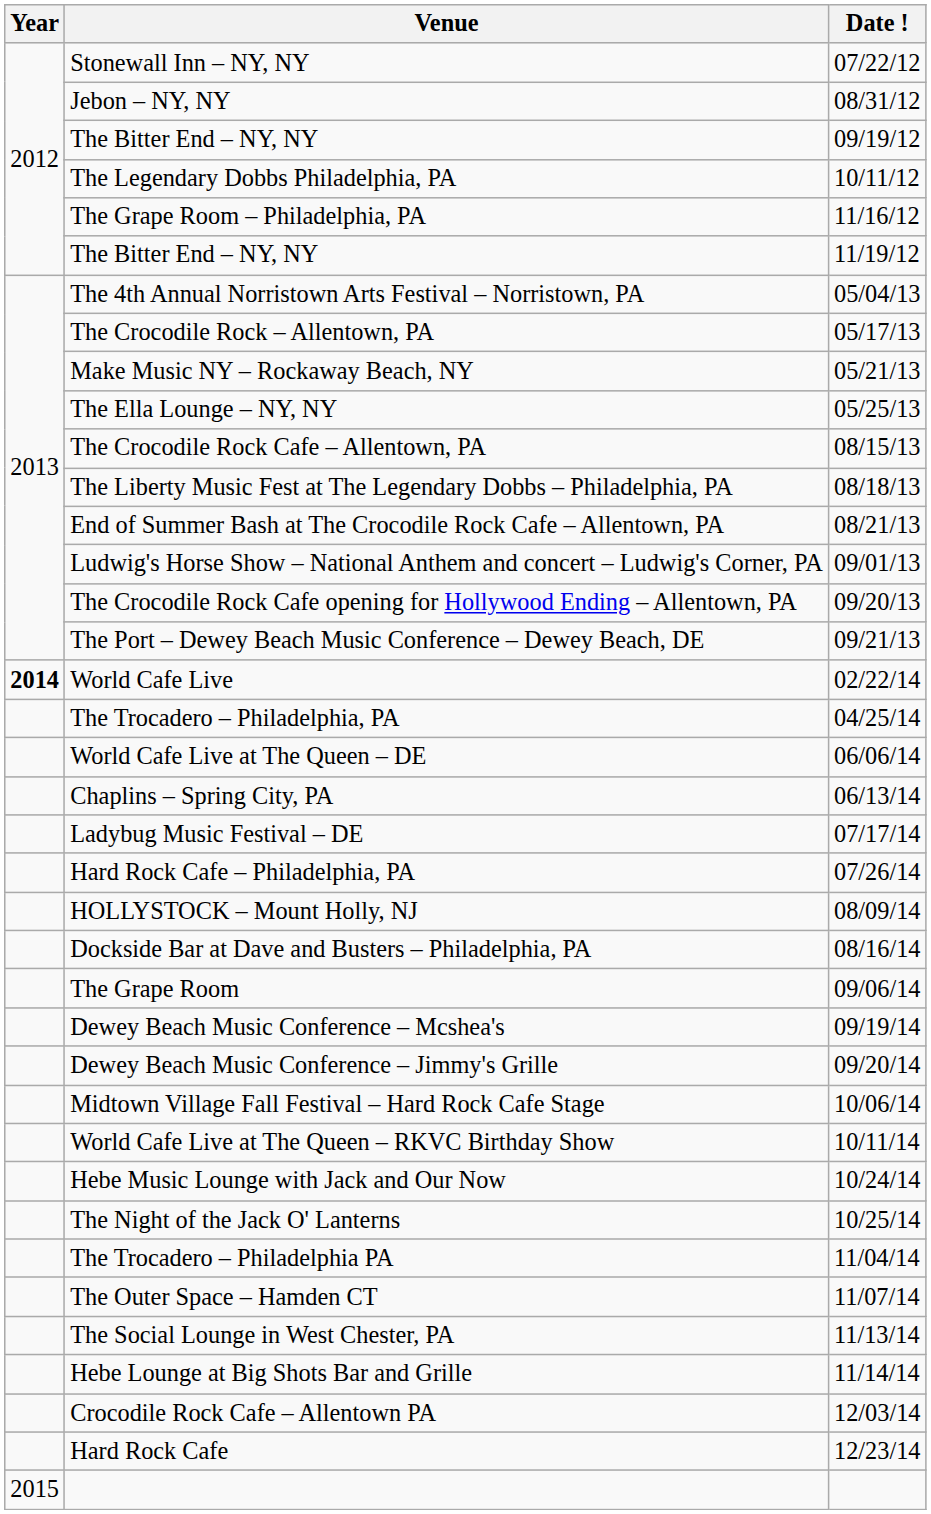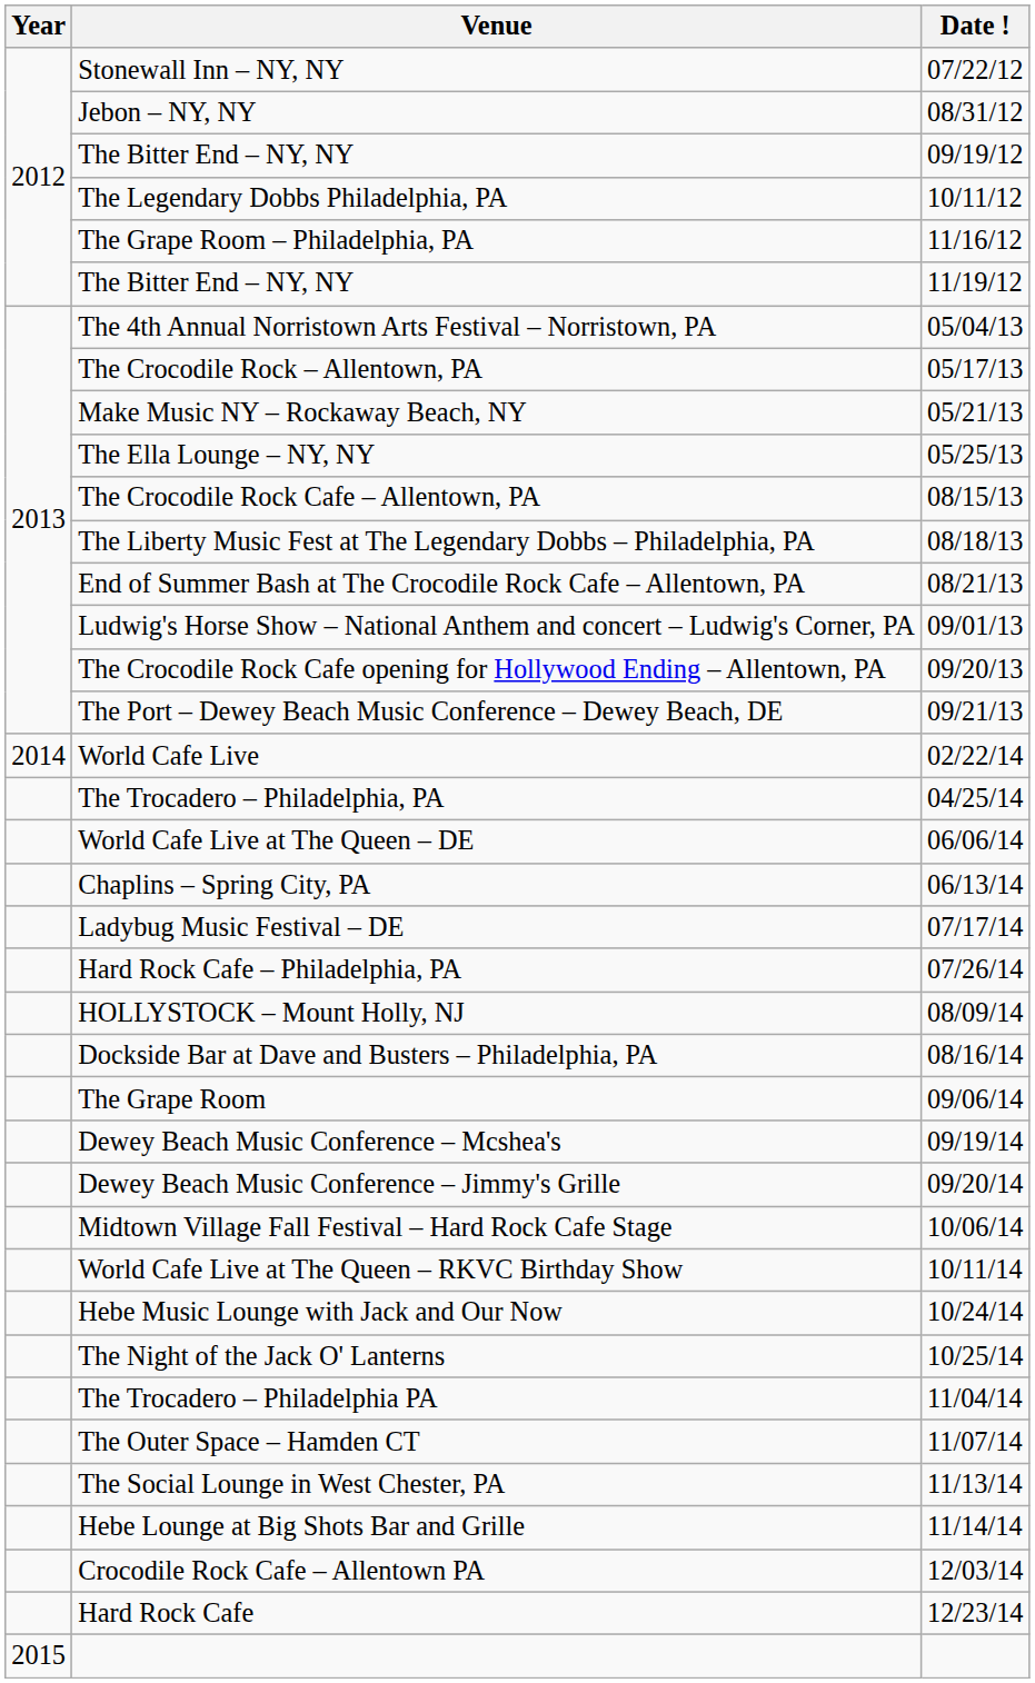 <table class=wikitable>
 <tr>
 <th>Year</th>
 <th>Venue</th>
 <th>Date !</th>
 </tr>
 <tr>
 <td rowspan=6>2012</td>
 <td>Stonewall Inn – NY, NY</td>
 <td>07/22/12</td>
 </tr>
 <tr>
 <td>Jebon – NY, NY</td>
 <td>08/31/12</td>
 </tr>
 <tr>
 <td>The Bitter End – NY, NY</td>
 <td>09/19/12</td>
 </tr>
 <tr>
 <td>The Legendary Dobbs Philadelphia, PA</td>
 <td>10/11/12</td>
 </tr>
 <tr>
 <td>The Grape Room – Philadelphia, PA</td>
 <td>11/16/12</td>
 </tr>
 <tr>
 <td>The Bitter End – NY, NY</td>
 <td>11/19/12</td>
 </tr>
 <tr>
 <td rowspan=10>2013</td>
 <td>The 4th Annual Norristown Arts Festival – Norristown, PA</td>
 <td>05/04/13</td>
 </tr>
 <tr>
 <td>The Crocodile Rock – Allentown, PA</td>
 <td>05/17/13</td>
 </tr>
 <tr>
 <td>Make Music NY – Rockaway Beach, NY</td>
 <td>05/21/13</td>
 </tr>
 <tr>
 <td>The Ella Lounge – NY, NY</td>
 <td>05/25/13</td>
 </tr>
 <tr>
 <td>The Crocodile Rock Cafe – Allentown, PA</td>
 <td>08/15/13</td>
 </tr>
 <tr>
 <td>The Liberty Music Fest at The Legendary Dobbs – Philadelphia, PA</td>
 <td>08/18/13</td>
 </tr>
 <tr>
 <td>End of Summer Bash at The Crocodile Rock Cafe – Allentown, PA</td>
 <td>08/21/13</td>
 </tr>
 <tr>
 <td>Ludwig's Horse Show – National Anthem and concert – Ludwig's Corner, PA</td>
 <td>09/01/13</td>
 </tr>
 <tr>
 <td>The Crocodile Rock Cafe opening for <a href='#'>Hollywood Ending</a> – Allentown, PA</td>
 <td>09/20/13</td>
 </tr>
 <tr>
 <td>The Port – Dewey Beach Music Conference – Dewey Beach, DE</td>
 <td>09/21/13</td>
 </tr>
 <tr>
-<td><strong>2014</strong></td>
+<td>2014</td>
 <td>World Cafe Live</td>
 <td>02/22/14</td>
 </tr>
 <tr>
 <td></td>
 <td>The Trocadero – Philadelphia, PA</td>
 <td>04/25/14</td>
 </tr>
 <tr>
 <td></td>
 <td>World Cafe Live at The Queen – DE</td>
 <td>06/06/14</td>
 </tr>
 <tr>
 <td></td>
 <td>Chaplins – Spring City, PA</td>
 <td>06/13/14</td>
 </tr>
 <tr>
 <td></td>
 <td>Ladybug Music Festival – DE</td>
 <td>07/17/14</td>
 </tr>
 <tr>
 <td></td>
 <td>Hard Rock Cafe – Philadelphia, PA</td>
 <td>07/26/14</td>
 </tr>
 <tr>
 <td></td>
 <td>HOLLYSTOCK – Mount Holly, NJ</td>
 <td>08/09/14</td>
 </tr>
 <tr>
 <td></td>
 <td>Dockside Bar at Dave and Busters – Philadelphia, PA</td>
 <td>08/16/14</td>
 </tr>
 <tr>
 <td></td>
 <td>The Grape Room</td>
 <td>09/06/14</td>
 </tr>
 <tr>
 <td></td>
 <td>Dewey Beach Music Conference – Mcshea's</td>
 <td>09/19/14</td>
 </tr>
 <tr>
 <td></td>
 <td>Dewey Beach Music Conference – Jimmy's Grille</td>
 <td>09/20/14</td>
 </tr>
 <tr>
 <td></td>
 <td>Midtown Village Fall Festival – Hard Rock Cafe Stage</td>
 <td>10/06/14</td>
 </tr>
 <tr>
 <td></td>
 <td>World Cafe Live at The Queen – RKVC Birthday Show</td>
 <td>10/11/14</td>
 </tr>
 <tr>
 <td></td>
 <td>Hebe Music Lounge with Jack and Our Now</td>
 <td>10/24/14</td>
 </tr>
 <tr>
 <td></td>
 <td>The Night of the Jack O' Lanterns</td>
 <td>10/25/14</td>
 </tr>
 <tr>
 <td></td>
 <td>The Trocadero – Philadelphia PA</td>
 <td>11/04/14</td>
 </tr>
 <tr>
 <td></td>
 <td>The Outer Space – Hamden CT</td>
 <td>11/07/14</td>
 </tr>
 <tr>
 <td></td>
 <td>The Social Lounge in West Chester, PA</td>
 <td>11/13/14</td>
 </tr>
 <tr>
 <td></td>
 <td>Hebe Lounge at Big Shots Bar and Grille</td>
 <td>11/14/14</td>
 </tr>
 <tr>
 <td></td>
 <td>Crocodile Rock Cafe – Allentown PA</td>
 <td>12/03/14</td>
 </tr>
 <tr>
 <td></td>
 <td>Hard Rock Cafe</td>
 <td>12/23/14</td>
 </tr>
 <tr>
 <td>2015</td>
 <td></td>
 <td></td>
 </tr>
 </table>
